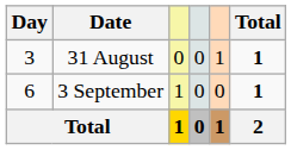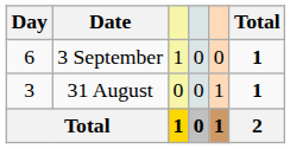 <table class=wikitable style="font-size:85%; float:right; text-align:center">
 <tr>
 <th>Day</th>
 <th>Date</th>
 <td bgcolor=F7F6A8></td>
 <td bgcolor=DCE5E5></td>
 <td bgcolor=FFDAB9></td>
 <th>Total</th>
 </tr>
 <tr>
+<td>6</td>
+<td>3 September</td>
+<td bgcolor=F7F6A8>1</td>
+<td bgcolor=DCE5E5>0</td>
+<td bgcolor=FFDAB9>0</td>
+<td><strong>1</strong></td>
+</tr>
+<tr>
 <td>3</td>
 <td>31 August</td>
 <td bgcolor=F7F6A8>0</td>
 <td bgcolor=DCE5E5>0</td>
 <td bgcolor=FFDAB9>1</td>
-<td><strong>1</strong></td>
-</tr>
-<tr>
-<td>6</td>
-<td>3 September</td>
-<td bgcolor=F7F6A8>1</td>
-<td bgcolor=DCE5E5>0</td>
-<td bgcolor=FFDAB9>0</td>
 <td><strong>1</strong></td>
 </tr>
 <tr>
 <th colspan=2>Total</th>
 <th style=background:gold>1</th>
 <th style=background:silver>0</th>
 <th style=background:#c96>1</th>
 <th>2</th>
 </tr>
 </table>
